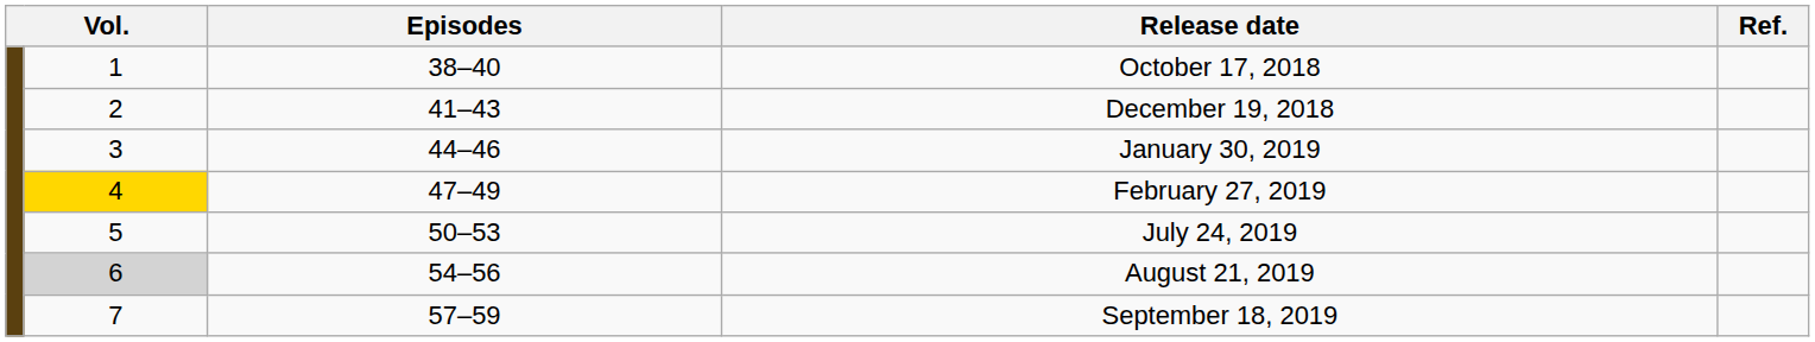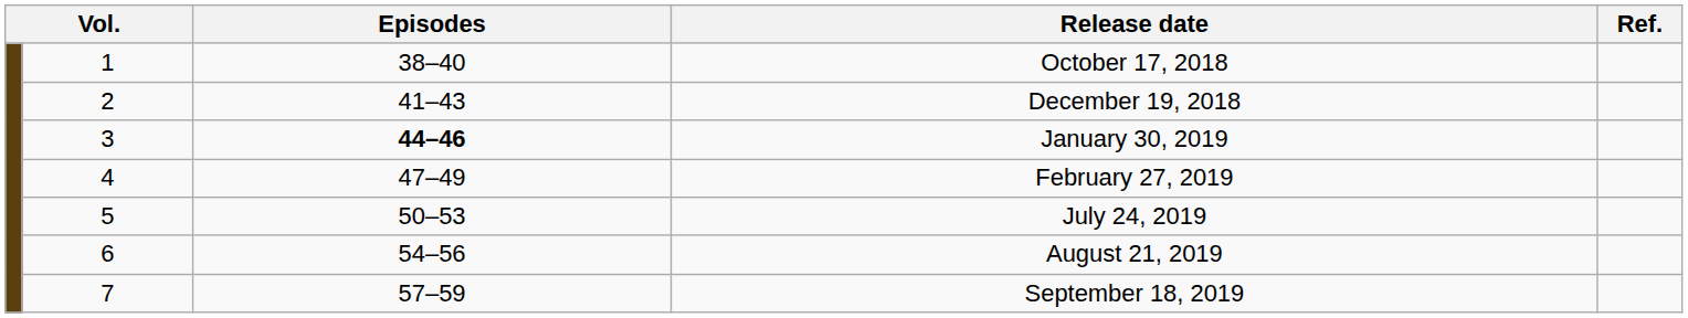 <table class="wikitable" style="text-align: center; width: 70%;">
 <tr>
 <th colspan="2">Vol.</th>
 <th>Episodes</th>
 <th scope="column">Release date</th>
 <th width="5%">Ref.</th>
 </tr>
 <tr>
 <td rowspan="10" width="1%" style="background: #5A400F;"></td>
 <td>1</td>
 <td>38–40</td>
 <td>October 17, 2018</td>
 <td></td>
 </tr>
 <tr>
 <td>2</td>
 <td>41–43</td>
 <td>December 19, 2018</td>
 <td></td>
 </tr>
 <tr>
 <td>3</td>
-<td>44–46</td>
+<td><strong>44–46</strong></td>
 <td>January 30, 2019</td>
 <td></td>
 </tr>
 <tr>
-<td style="background: gold;">4</td>
+<td>4</td>
 <td>47–49</td>
 <td>February 27, 2019</td>
 <td></td>
 </tr>
 <tr>
 <td>5</td>
 <td>50–53</td>
 <td>July 24, 2019</td>
 <td></td>
 </tr>
 <tr>
-<td style="background: lightgrey;">6</td>
+<td>6</td>
 <td>54–56</td>
 <td>August 21, 2019</td>
 <td></td>
 </tr>
 <tr>
 <td>7</td>
 <td>57–59</td>
 <td>September 18, 2019</td>
 <td></td>
 </tr>
 </table>
